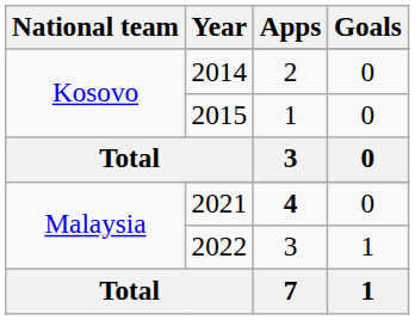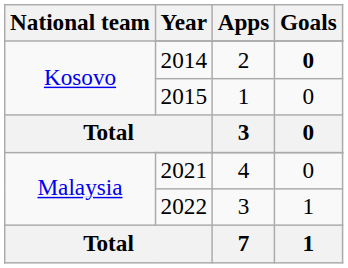 <table class="wikitable" style="text-align:center">
 <tr>
 <th>National team</th>
 <th>Year</th>
 <th>Apps</th>
 <th>Goals</th>
 </tr>
 <tr>
 <td rowspan="3"><a href='#'>Kosovo</a></td>
 </tr>
 <tr>
 <td>2014</td>
 <td>2</td>
-<td>0</td>
+<td><strong>0</strong></td>
 </tr>
 <tr>
 <td>2015</td>
 <td>1</td>
 <td>0</td>
 </tr>
 <tr>
 <th colspan="2">Total</th>
 <th>3</th>
 <th>0</th>
 </tr>
 <tr>
 <td rowspan="3"><a href='#'>Malaysia</a></td>
 </tr>
 <tr>
 <td>2021</td>
-<td><strong>4</strong></td>
+<td>4</td>
 <td>0</td>
 </tr>
 <tr>
 <td>2022</td>
 <td>3</td>
 <td>1</td>
 </tr>
 <tr>
 <th colspan="2">Total</th>
 <th>7</th>
 <th>1</th>
 </tr>
 </table>
